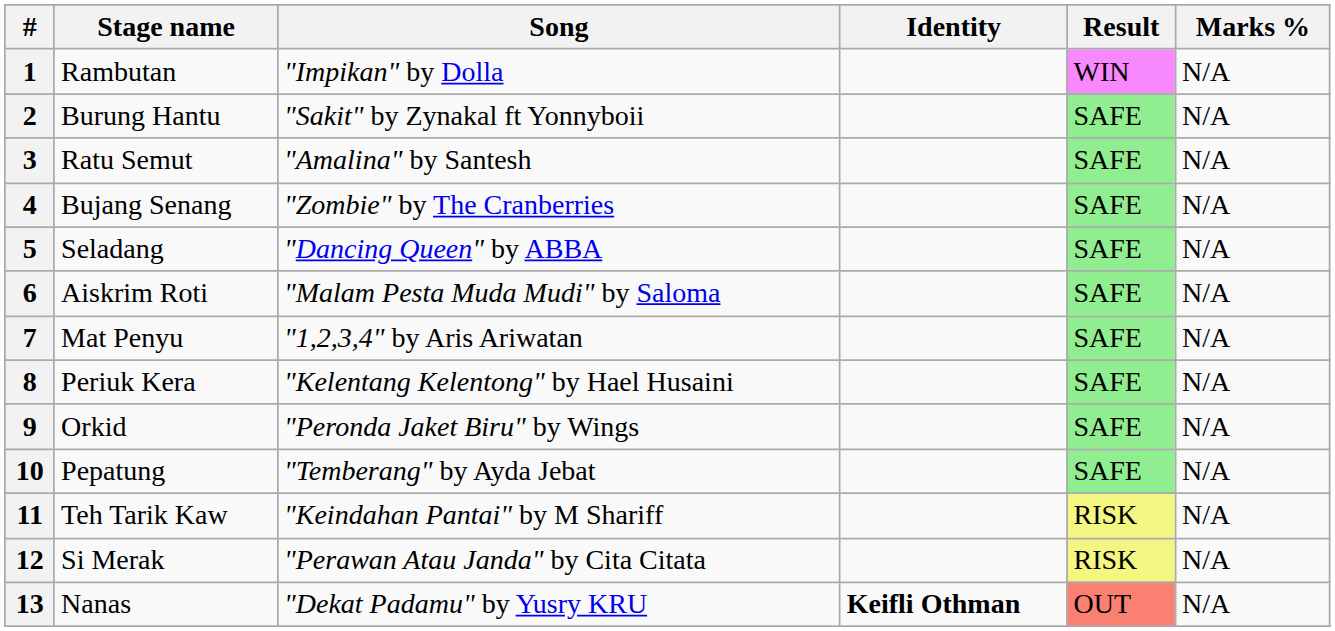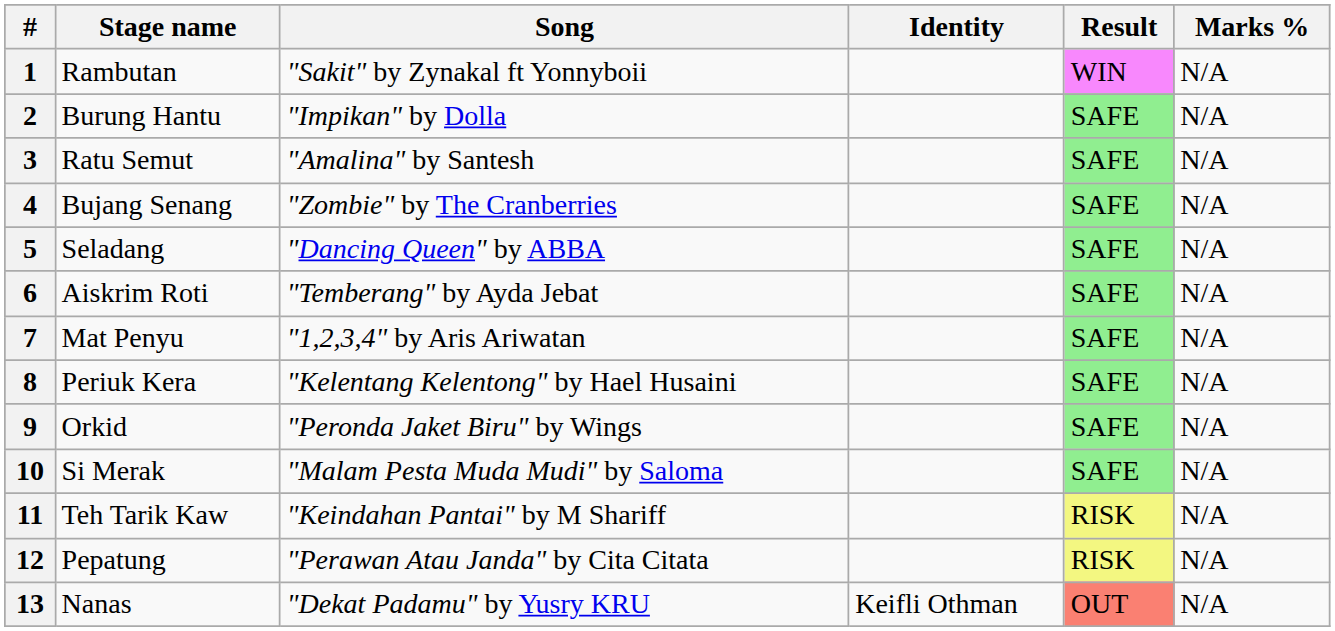 <table class="wikitable plainrowheaders" style="width: 60%; style=text-align: center;">
 <tr>
 <th>#</th>
 <th>Stage name</th>
 <th>Song</th>
 <th>Identity</th>
 <th>Result</th>
 <th>Marks %</th>
 </tr>
 <tr>
 <th>1</th>
 <td>Rambutan</td>
-<td><em>"Impikan"</em> by <a href='#'>Dolla</a></td>
+<td><em>"Sakit"</em> by Zynakal ft Yonnyboii</td>
 <td></td>
 <td bgcolor=#F888FD>WIN</td>
 <td>N/A</td>
 </tr>
 <tr>
 <th>2</th>
 <td>Burung Hantu</td>
-<td><em>"Sakit"</em> by Zynakal ft Yonnyboii</td>
+<td><em>"Impikan"</em> by <a href='#'>Dolla</a></td>
 <td></td>
 <td bgcolor="lightgreen">SAFE</td>
 <td>N/A</td>
 </tr>
 <tr>
 <th>3</th>
 <td>Ratu Semut</td>
 <td><em>"Amalina"</em> by Santesh</td>
 <td></td>
 <td bgcolor="lightgreen">SAFE</td>
 <td>N/A</td>
 </tr>
 <tr>
 <th>4</th>
 <td>Bujang Senang</td>
 <td><em>"Zombie"</em> by <a href='#'>The Cranberries</a></td>
 <td></td>
 <td bgcolor="lightgreen">SAFE</td>
 <td>N/A</td>
 </tr>
 <tr>
 <th>5</th>
 <td>Seladang</td>
 <td><em>"<a href='#'>Dancing Queen</a>"</em> by <a href='#'>ABBA</a></td>
 <td></td>
 <td bgcolor="lightgreen">SAFE</td>
 <td>N/A</td>
 </tr>
 <tr>
 <th>6</th>
 <td>Aiskrim Roti</td>
-<td><em>"Malam Pesta Muda Mudi"</em> by <a href='#'>Saloma</a></td>
+<td><em>"Temberang"</em> by Ayda Jebat</td>
 <td></td>
 <td bgcolor="lightgreen">SAFE</td>
 <td>N/A</td>
 </tr>
 <tr>
 <th>7</th>
 <td>Mat Penyu</td>
 <td><em>"1,2,3,4"</em> by Aris Ariwatan</td>
 <td></td>
 <td bgcolor="lightgreen">SAFE</td>
 <td>N/A</td>
 </tr>
 <tr>
 <th>8</th>
 <td>Periuk Kera</td>
 <td><em>"Kelentang Kelentong"</em> by Hael Husaini</td>
 <td></td>
 <td bgcolor="lightgreen">SAFE</td>
 <td>N/A</td>
 </tr>
 <tr>
 <th>9</th>
 <td>Orkid</td>
 <td><em>"Peronda Jaket Biru"</em> by Wings</td>
 <td></td>
 <td bgcolor="lightgreen">SAFE</td>
 <td>N/A</td>
 </tr>
 <tr>
 <th>10</th>
-<td>Pepatung</td>
-<td><em>"Temberang"</em> by Ayda Jebat</td>
+<td>Si Merak</td>
+<td><em>"Malam Pesta Muda Mudi"</em> by <a href='#'>Saloma</a></td>
 <td></td>
 <td bgcolor="lightgreen">SAFE</td>
 <td>N/A</td>
 </tr>
 <tr>
 <th>11</th>
 <td>Teh Tarik Kaw</td>
 <td><em>"Keindahan Pantai"</em> by M Shariff</td>
 <td></td>
 <td bgcolor=#F3F781>RISK</td>
 <td>N/A</td>
 </tr>
 <tr>
 <th>12</th>
-<td>Si Merak</td>
+<td>Pepatung</td>
 <td><em>"Perawan Atau Janda"</em> by Cita Citata</td>
 <td></td>
 <td bgcolor=#F3F781>RISK</td>
 <td>N/A</td>
 </tr>
 <tr>
 <th>13</th>
 <td>Nanas</td>
 <td><em>"Dekat Padamu"</em> by <a href='#'>Yusry KRU</a></td>
-<td><strong>Keifli Othman</strong></td>
+<td>Keifli Othman</td>
 <td bgcolor=salmon>OUT</td>
 <td>N/A</td>
 </tr>
 </table>
